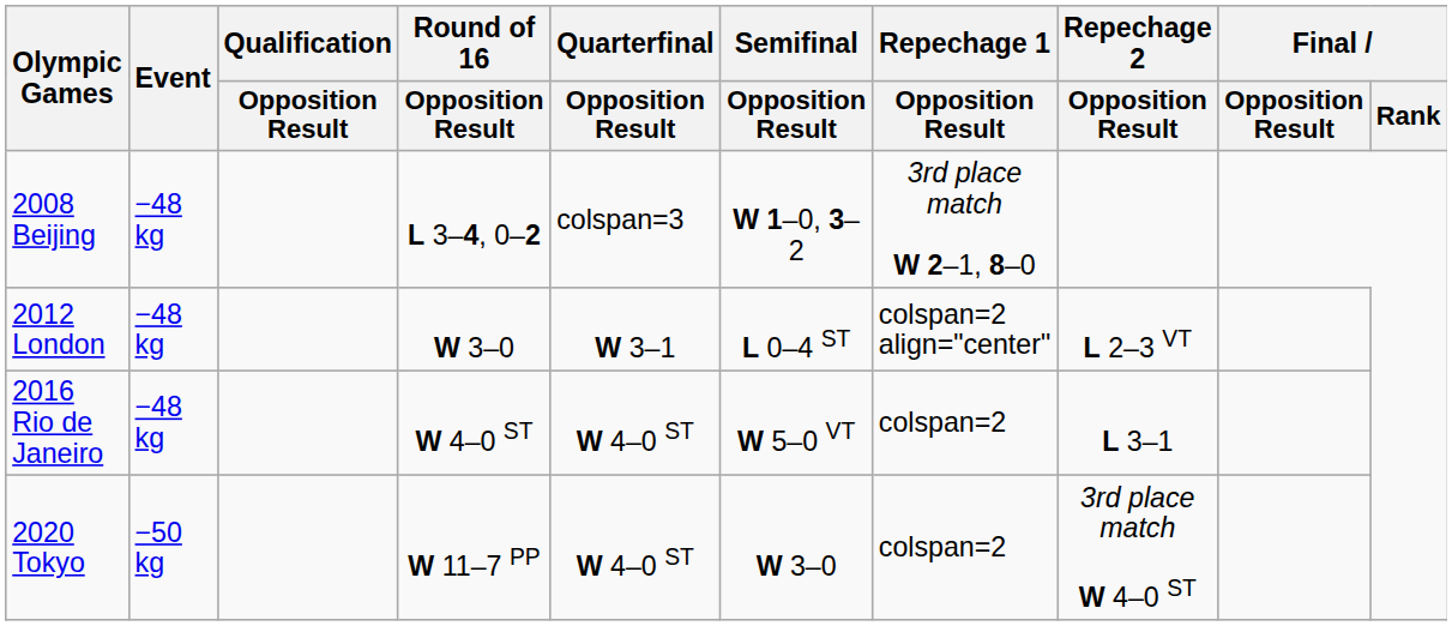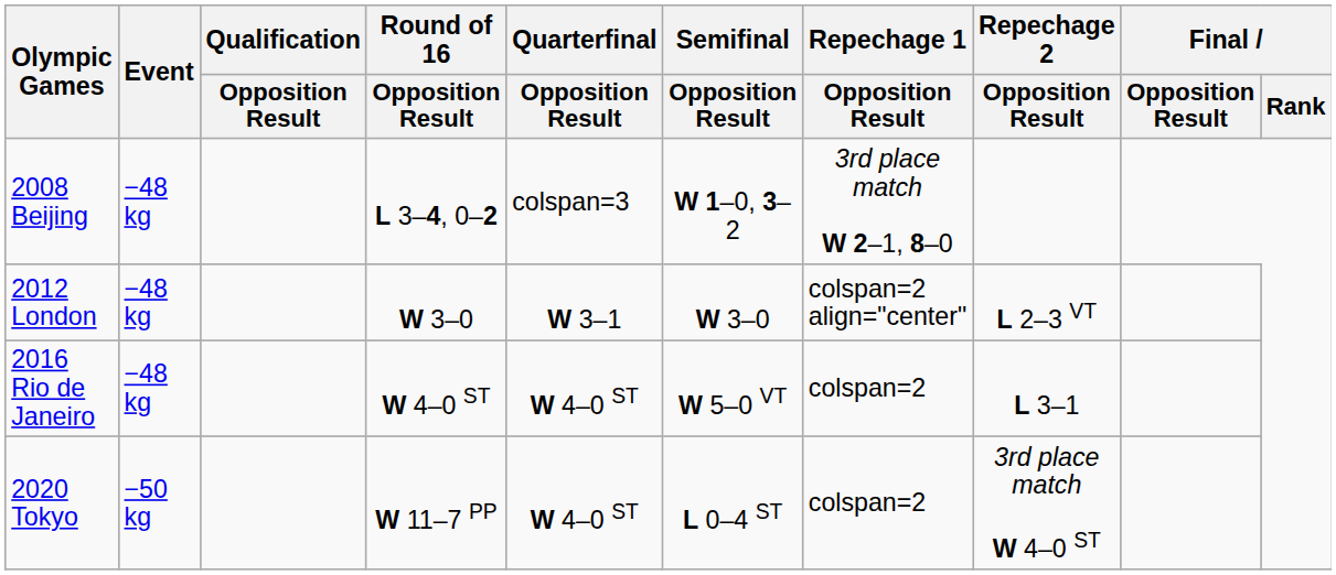 <table class="wikitable" style="text-align:left; font-size:90%">
 <tr>
 <th rowspan="2">Olympic Games</th>
 <th rowspan="2">Event</th>
 <th>Qualification</th>
 <th>Round of 16</th>
 <th>Quarterfinal</th>
 <th>Semifinal</th>
 <th>Repechage 1</th>
 <th>Repechage 2</th>
 <th colspan=2>Final / </th>
 </tr>
 <tr style="font-size: 95%">
 <th>Opposition<br>Result</th>
 <th>Opposition<br>Result</th>
 <th>Opposition<br>Result</th>
 <th>Opposition<br>Result</th>
 <th>Opposition<br>Result</th>
 <th>Opposition<br>Result</th>
 <th>Opposition<br>Result</th>
 <th>Rank</th>
 </tr>
 <tr>
 <td><a href='#'>2008 Beijing</a></td>
 <td><a href='#'>−48 kg</a></td>
 <td></td>
 <td align=center><br><strong>L</strong> 3–<strong>4</strong>, 0–<strong>2</strong></td>
 <td>colspan=3 </td>
 <td align=center><br><strong>W</strong> <strong>1</strong>–0, <strong>3</strong>–2</td>
 <td align=center><em>3rd place match</em><br><br><strong>W</strong> <strong>2</strong>–1, <strong>8</strong>–0</td>
 <td align=center></td>
 </tr>
 <tr>
 <td><a href='#'>2012 London</a></td>
 <td><a href='#'>−48 kg</a></td>
 <td></td>
 <td align=center><br><strong>W</strong> 3–0 <sup></sup></td>
 <td align=center><br><strong>W</strong> 3–1 <sup></sup></td>
-<td align=center><br><strong>L</strong> 0–4 <sup>ST</sup></td>
+<td align=center><br><strong>W</strong> 3–0 <sup></sup></td>
 <td>colspan=2 align="center" </td>
 <td align=center><br><strong>L</strong> 2–3 <sup>VT</sup></td>
 <td align=center></td>
 </tr>
 <tr>
 <td><a href='#'>2016 Rio de Janeiro</a></td>
 <td><a href='#'>−48 kg</a></td>
 <td></td>
 <td align=center><br><strong>W</strong> 4–0 <sup>ST</sup></td>
 <td align=center><br><strong>W</strong> 4–0 <sup>ST</sup></td>
 <td align=center><br><strong>W</strong> 5–0 <sup>VT</sup></td>
 <td>colspan=2 </td>
 <td align=center><br><strong>L</strong> 3–1 <sup></sup></td>
 <td align=center></td>
 </tr>
 <tr>
 <td><a href='#'>2020 Tokyo</a></td>
 <td><a href='#'>−50 kg</a></td>
 <td></td>
 <td align=center><br><strong>W</strong> 11–7 <sup>PP</sup></td>
 <td align=center><br><strong>W</strong> 4–0 <sup>ST</sup></td>
-<td align=center><br><strong>W</strong> 3–0 <sup></sup></td>
+<td align=center><br><strong>L</strong> 0–4 <sup>ST</sup></td>
 <td>colspan=2 </td>
 <td align=center><em>3rd place match</em><br><br><strong>W</strong> 4–0 <sup>ST</sup></td>
 <td align=center></td>
 </tr>
 </table>
